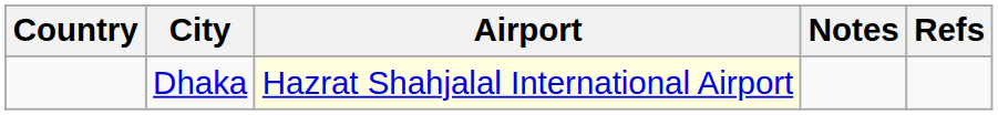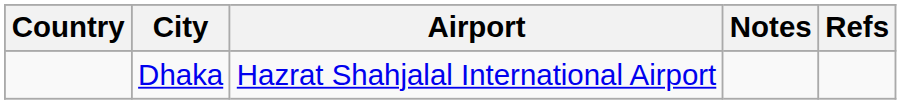 <table class="wikitable">
 <tr>
 <th>Country</th>
 <th>City</th>
 <th>Airport</th>
 <th>Notes</th>
 <th>Refs</th>
 </tr>
 <tr>
 <td rowspan="2"></td>
 <td><a href='#'>Dhaka</a></td>
-<td style="background: lightyellow;"><a href='#'>Hazrat Shahjalal International Airport</a></td>
+<td><a href='#'>Hazrat Shahjalal International Airport</a></td>
 <td></td>
 <td align="center"></td>
 </tr>
 </table>
